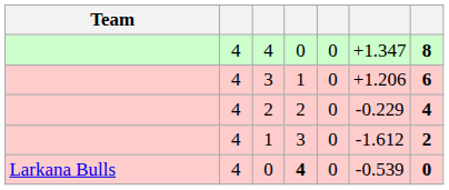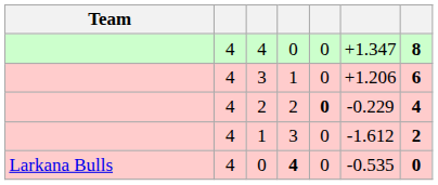 <table class="wikitable" style="text-align:center">
 <tr>
 <th style="width:175px;">Team</th>
 <th style="width:20px;"></th>
 <th style="width:20px;"></th>
 <th style="width:20px;"></th>
 <th style="width:20px;"></th>
 <th style="width:45px;"></th>
 <th style="width:20px;"></th>
 </tr>
 <tr style="background:#ccffcc">
 <td style="text-align:left"></td>
 <td>4</td>
 <td>4</td>
 <td>0</td>
 <td>0</td>
 <td>+1.347</td>
 <td><strong>8</strong></td>
 </tr>
 <tr style="background:#ffcccc">
 <td style="text-align:left"></td>
 <td>4</td>
 <td>3</td>
 <td>1</td>
 <td>0</td>
 <td>+1.206</td>
 <td><strong>6</strong></td>
 </tr>
 <tr style="background:#ffcccc">
 <td style="text-align:left"></td>
 <td>4</td>
 <td>2</td>
 <td>2</td>
-<td>0</td>
+<td><strong>0</strong></td>
 <td>-0.229</td>
 <td><strong>4</strong></td>
 </tr>
 <tr style="background:#ffcccc">
 <td style="text-align:left"></td>
 <td>4</td>
 <td>1</td>
 <td>3</td>
 <td>0</td>
 <td>-1.612</td>
 <td><strong>2</strong></td>
 </tr>
 <tr style="background:#ffcccc">
 <td style="text-align:left"><a href='#'>Larkana Bulls</a></td>
 <td>4</td>
 <td>0</td>
 <td><strong>4</strong></td>
 <td>0</td>
-<td>-0.539</td>
+<td>-0.535</td>
 <td><strong>0</strong></td>
 </tr>
 </table>
